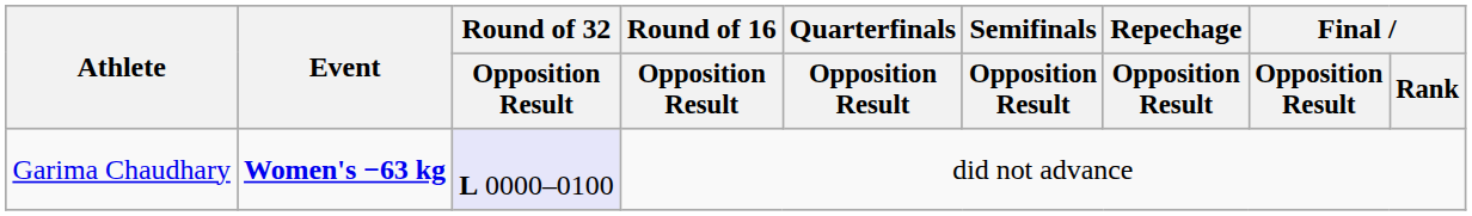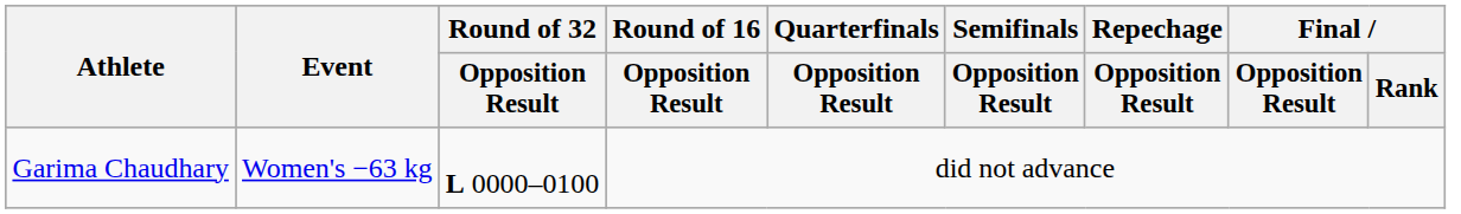 <table class="wikitable" style="font-size:90%;">
 <tr>
 <th rowspan=2>Athlete</th>
 <th rowspan=2>Event</th>
 <th>Round of 32</th>
 <th>Round of 16</th>
 <th>Quarterfinals</th>
 <th>Semifinals</th>
 <th>Repechage</th>
 <th colspan=2>Final / </th>
 </tr>
 <tr style="font-size:95%">
 <th>Opposition<br>Result</th>
 <th>Opposition<br>Result</th>
 <th>Opposition<br>Result</th>
 <th>Opposition<br>Result</th>
 <th>Opposition<br>Result</th>
 <th>Opposition<br>Result</th>
 <th>Rank</th>
 </tr>
 <tr align=center>
 <td align=left><a href='#'>Garima Chaudhary</a></td>
-<td align=left><strong><a href='#'>Women's −63 kg</a></strong></td>
-<td style="background: lavender;"><br><strong>L</strong> 0000–0100</td>
+<td align=left><a href='#'>Women's −63 kg</a></td>
+<td><br><strong>L</strong> 0000–0100</td>
 <td colspan=6>did not advance</td>
 </tr>
 </table>
